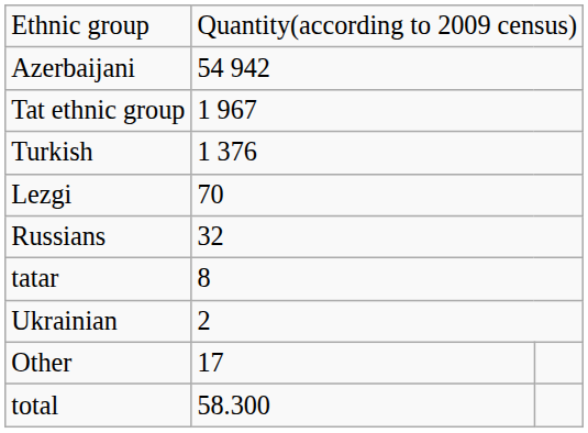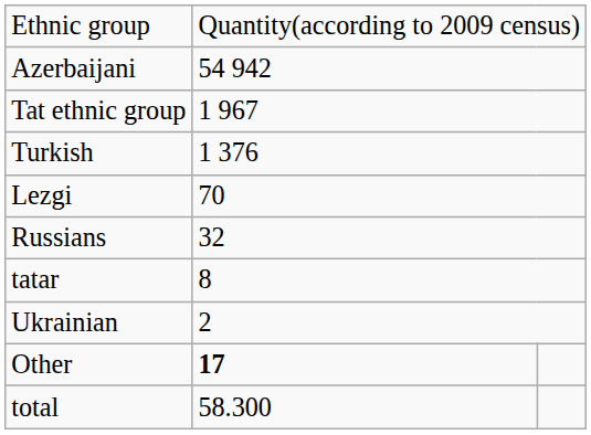 <table class="wikitable">
 <tr>
 <td>Ethnic group</td>
 <td colspan="2">Quantity(according to 2009 census)</td>
 </tr>
 <tr>
 <td>Azerbaijani</td>
 <td colspan="2">54 942</td>
 </tr>
 <tr>
 <td>Tat ethnic group</td>
 <td colspan="2">1 967</td>
 </tr>
 <tr>
 <td>Turkish</td>
 <td colspan="2">1 376</td>
 </tr>
 <tr>
 <td>Lezgi</td>
 <td colspan="2">70</td>
 </tr>
 <tr>
 <td>Russians</td>
 <td colspan="2">32</td>
 </tr>
 <tr>
 <td>tatar</td>
 <td colspan="2">8</td>
 </tr>
 <tr>
 <td>Ukrainian</td>
 <td colspan="2">2</td>
 </tr>
 <tr>
 <td>Other</td>
-<td>17</td>
+<td><strong>17</strong></td>
 <td></td>
 </tr>
 <tr>
 <td>total</td>
 <td>58.300</td>
 <td></td>
 </tr>
 </table>
